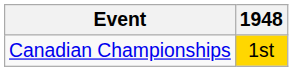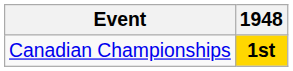 <table class="wikitable">
 <tr>
 <th>Event</th>
 <th>1948</th>
 </tr>
 <tr>
 <td><a href='#'>Canadian Championships</a></td>
-<td align="center" bgcolor="gold">1st</td>
+<td align="center" bgcolor="gold"><strong>1st</strong></td>
 </tr>
 </table>
